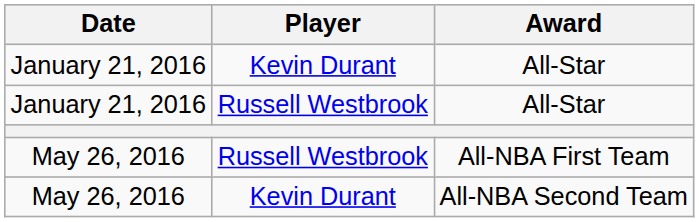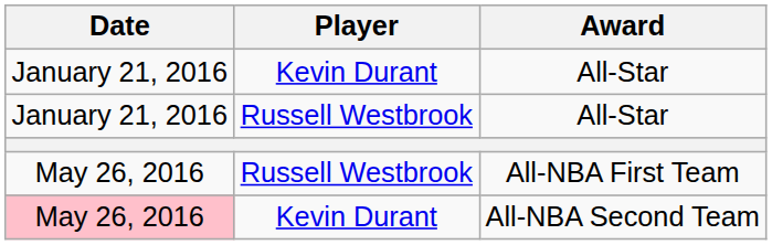 <table class="wikitable" style="text-align: center">
 <tr>
 <th>Date</th>
 <th>Player</th>
 <th>Award</th>
 </tr>
 <tr style="text-align: center">
 <td>January 21, 2016</td>
 <td><a href='#'>Kevin Durant</a></td>
 <td>All-Star</td>
 </tr>
 <tr style="text-align: center">
 <td>January 21, 2016</td>
 <td><a href='#'>Russell Westbrook</a></td>
 <td>All-Star</td>
 </tr>
 <tr>
 <th scope="row" colspan="6" style="text-align:center;”"></th>
 </tr>
 <tr style="text-align: center">
 <td>May 26, 2016</td>
 <td><a href='#'>Russell Westbrook</a></td>
 <td>All-NBA First Team</td>
 </tr>
 <tr style="text-align: center">
-<td>May 26, 2016</td>
+<td style="background: pink;">May 26, 2016</td>
 <td><a href='#'>Kevin Durant</a></td>
 <td>All-NBA Second Team</td>
 </tr>
 </table>
